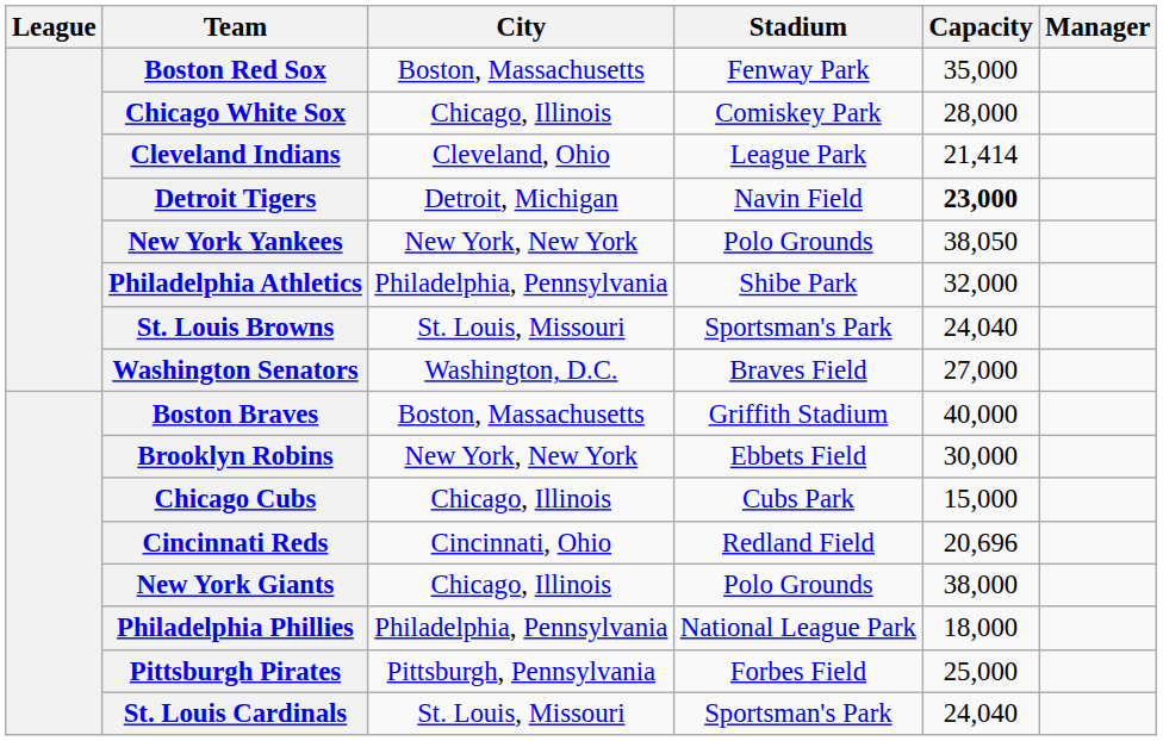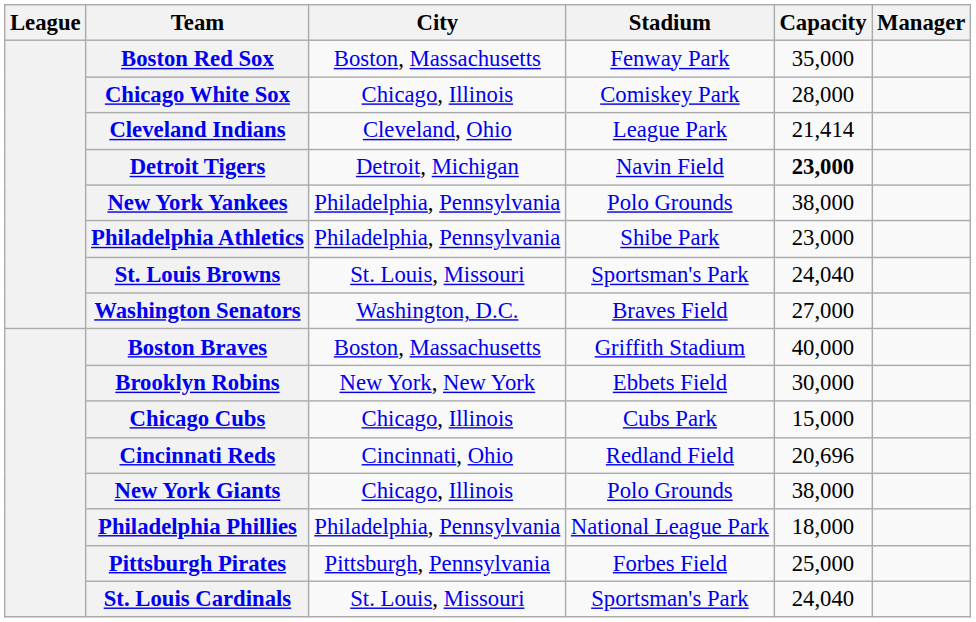 <table class="wikitable sortable plainrowheaders" style="text-align:center;">
 <tr>
 <th scope="col">League</th>
 <th scope="col">Team</th>
 <th scope="col">City</th>
 <th scope="col">Stadium</th>
 <th scope="col">Capacity</th>
 <th scope="col">Manager</th>
 </tr>
 <tr>
 <th rowspan="8"></th>
 <th scope="row"><a href='#'>Boston Red Sox</a></th>
 <td><a href='#'>Boston</a>, <a href='#'>Massachusetts</a></td>
 <td><a href='#'>Fenway Park</a></td>
 <td>35,000</td>
 <td></td>
 </tr>
 <tr>
 <th scope="row"><a href='#'>Chicago White Sox</a></th>
 <td><a href='#'>Chicago</a>, <a href='#'>Illinois</a></td>
 <td><a href='#'>Comiskey Park</a></td>
 <td>28,000</td>
 <td></td>
 </tr>
 <tr>
 <th scope="row"><a href='#'>Cleveland Indians</a></th>
 <td><a href='#'>Cleveland</a>, <a href='#'>Ohio</a></td>
 <td><a href='#'>League Park</a></td>
 <td>21,414</td>
 <td></td>
 </tr>
 <tr>
 <th scope="row"><a href='#'>Detroit Tigers</a></th>
 <td><a href='#'>Detroit</a>, <a href='#'>Michigan</a></td>
 <td><a href='#'>Navin Field</a></td>
 <td><strong>23,000</strong></td>
 <td></td>
 </tr>
 <tr>
 <th scope="row"><a href='#'>New York Yankees</a></th>
-<td><a href='#'>New York</a>, <a href='#'>New York</a></td>
+<td><a href='#'>Philadelphia</a>, <a href='#'>Pennsylvania</a></td>
 <td><a href='#'>Polo Grounds</a></td>
-<td>38,050</td>
+<td>38,000</td>
 <td></td>
 </tr>
 <tr>
 <th scope="row"><a href='#'>Philadelphia Athletics</a></th>
 <td><a href='#'>Philadelphia</a>, <a href='#'>Pennsylvania</a></td>
 <td><a href='#'>Shibe Park</a></td>
-<td>32,000</td>
+<td>23,000</td>
 <td></td>
 </tr>
 <tr>
 <th scope="row"><a href='#'>St. Louis Browns</a></th>
 <td><a href='#'>St. Louis</a>, <a href='#'>Missouri</a></td>
 <td><a href='#'>Sportsman's Park</a></td>
 <td>24,040</td>
 <td></td>
 </tr>
 <tr>
 <th scope="row"><a href='#'>Washington Senators</a></th>
 <td><a href='#'>Washington, D.C.</a></td>
 <td><a href='#'>Braves Field</a></td>
 <td>27,000</td>
 <td></td>
 </tr>
 <tr>
 <th rowspan="8"></th>
 <th scope="row"><a href='#'>Boston Braves</a></th>
 <td><a href='#'>Boston</a>, <a href='#'>Massachusetts</a></td>
 <td><a href='#'>Griffith Stadium</a></td>
 <td>40,000</td>
 <td></td>
 </tr>
 <tr>
 <th scope="row"><a href='#'>Brooklyn Robins</a></th>
 <td><a href='#'>New York</a>, <a href='#'>New York</a></td>
 <td><a href='#'>Ebbets Field</a></td>
 <td>30,000</td>
 <td></td>
 </tr>
 <tr>
 <th scope="row"><a href='#'>Chicago Cubs</a></th>
 <td><a href='#'>Chicago</a>, <a href='#'>Illinois</a></td>
 <td><a href='#'>Cubs Park</a></td>
 <td>15,000</td>
 <td></td>
 </tr>
 <tr>
 <th scope="row"><a href='#'>Cincinnati Reds</a></th>
 <td><a href='#'>Cincinnati</a>, <a href='#'>Ohio</a></td>
 <td><a href='#'>Redland Field</a></td>
 <td>20,696</td>
 <td></td>
 </tr>
 <tr>
 <th scope="row"><a href='#'>New York Giants</a></th>
 <td><a href='#'>Chicago</a>, <a href='#'>Illinois</a></td>
 <td><a href='#'>Polo Grounds</a></td>
 <td>38,000</td>
 <td></td>
 </tr>
 <tr>
 <th scope="row"><a href='#'>Philadelphia Phillies</a></th>
 <td><a href='#'>Philadelphia</a>, <a href='#'>Pennsylvania</a></td>
 <td><a href='#'>National League Park</a></td>
 <td>18,000</td>
 <td></td>
 </tr>
 <tr>
 <th scope="row"><a href='#'>Pittsburgh Pirates</a></th>
 <td><a href='#'>Pittsburgh</a>, <a href='#'>Pennsylvania</a></td>
 <td><a href='#'>Forbes Field</a></td>
 <td>25,000</td>
 <td></td>
 </tr>
 <tr>
 <th scope="row"><a href='#'>St. Louis Cardinals</a></th>
 <td><a href='#'>St. Louis</a>, <a href='#'>Missouri</a></td>
 <td><a href='#'>Sportsman's Park</a></td>
 <td>24,040</td>
 <td></td>
 </tr>
 </table>
